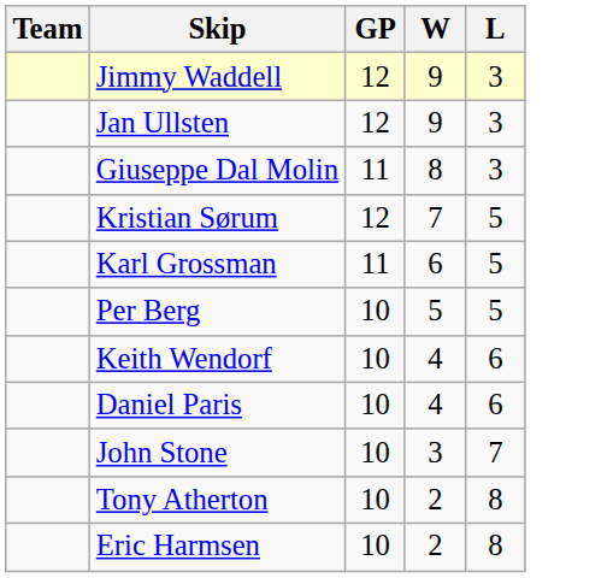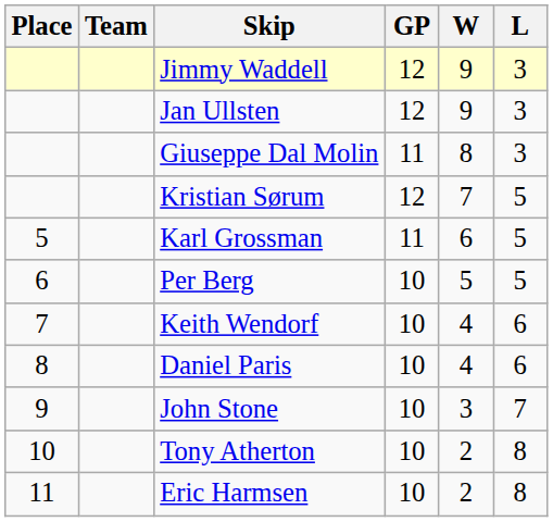 <table class="wikitable" style="text-align:center;">
 <tr>
+<th>Place</th>
 <th>Team</th>
 <th>Skip</th>
 <th width="25">GP</th>
 <th width="25">W</th>
 <th width="25">L</th>
 </tr>
 <tr bgcolor="#ffffcc">
+<td></td>
 <td align=left></td>
 <td align=left><a href='#'>Jimmy Waddell</a></td>
 <td>12</td>
 <td>9</td>
 <td>3</td>
 </tr>
 <tr>
+<td></td>
 <td align=left></td>
 <td align=left><a href='#'>Jan Ullsten</a></td>
 <td>12</td>
 <td>9</td>
 <td>3</td>
 </tr>
 <tr>
+<td></td>
 <td align=left></td>
 <td align=left><a href='#'>Giuseppe Dal Molin</a></td>
 <td>11</td>
 <td>8</td>
 <td>3</td>
 </tr>
 <tr>
+<td></td>
 <td align=left></td>
 <td align=left><a href='#'>Kristian Sørum</a></td>
 <td>12</td>
 <td>7</td>
 <td>5</td>
 </tr>
 <tr>
+<td>5</td>
 <td align=left></td>
 <td align=left><a href='#'>Karl Grossman</a></td>
 <td>11</td>
 <td>6</td>
 <td>5</td>
 </tr>
 <tr>
+<td>6</td>
 <td align=left></td>
 <td align=left><a href='#'>Per Berg</a></td>
 <td>10</td>
 <td>5</td>
 <td>5</td>
 </tr>
 <tr>
+<td>7</td>
 <td align=left></td>
 <td align=left><a href='#'>Keith Wendorf</a></td>
 <td>10</td>
 <td>4</td>
 <td>6</td>
 </tr>
 <tr>
+<td>8</td>
 <td align=left></td>
 <td align=left><a href='#'>Daniel Paris</a></td>
 <td>10</td>
 <td>4</td>
 <td>6</td>
 </tr>
 <tr>
+<td>9</td>
 <td align=left></td>
 <td align=left><a href='#'>John Stone</a></td>
 <td>10</td>
 <td>3</td>
 <td>7</td>
 </tr>
 <tr>
+<td>10</td>
 <td align=left></td>
 <td align=left><a href='#'>Tony Atherton</a></td>
 <td>10</td>
 <td>2</td>
 <td>8</td>
 </tr>
 <tr>
+<td>11</td>
 <td align=left></td>
 <td align=left><a href='#'>Eric Harmsen</a></td>
 <td>10</td>
 <td>2</td>
 <td>8</td>
 </tr>
 </table>
